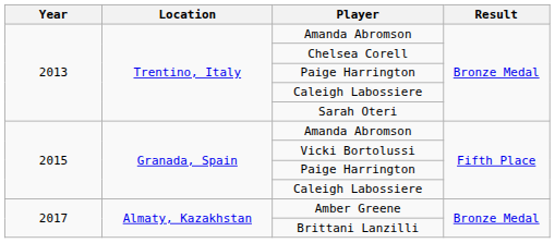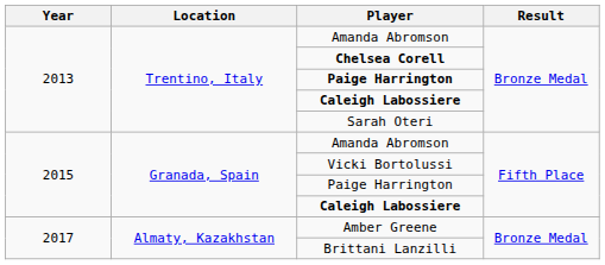 <table class="wikitable" style="text-align: center;">
 <tr>
 <th scope="col" width="100px">Year</th>
 <th scope="col" width="180px">Location</th>
 <th scope="col" width="180px">Player</th>
 <th scope="col" width="110px">Result</th>
 </tr>
 <tr>
 <td rowspan="5">2013</td>
 <td rowspan="5"> <a href='#'>Trentino, Italy</a></td>
 <td> Amanda Abromson</td>
 <td rowspan="5"><a href='#'>Bronze Medal</a></td>
 </tr>
 <tr>
-<td> Chelsea Corell</td>
+<td><strong> Chelsea Corell</strong></td>
 </tr>
 <tr>
-<td> Paige Harrington</td>
+<td><strong> Paige Harrington</strong></td>
 </tr>
 <tr>
-<td> Caleigh Labossiere</td>
+<td><strong> Caleigh Labossiere</strong></td>
 </tr>
 <tr>
 <td> Sarah Oteri</td>
 </tr>
 <tr>
 <td rowspan="4">2015</td>
 <td rowspan="4"> <a href='#'>Granada, Spain</a></td>
 <td> Amanda Abromson</td>
 <td rowspan="4"><a href='#'>Fifth Place</a></td>
 </tr>
 <tr>
 <td> Vicki Bortolussi</td>
 </tr>
 <tr>
 <td> Paige Harrington</td>
 </tr>
 <tr>
-<td> Caleigh Labossiere</td>
+<td><strong> Caleigh Labossiere</strong></td>
 </tr>
 <tr>
 <td rowspan="2">2017</td>
 <td rowspan="2"> <a href='#'>Almaty, Kazakhstan</a></td>
 <td> Amber Greene</td>
 <td rowspan="2"><a href='#'>Bronze Medal</a></td>
 </tr>
 <tr>
 <td> Brittani Lanzilli</td>
 </tr>
 </table>
